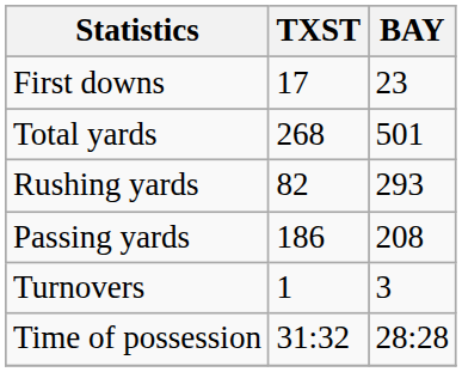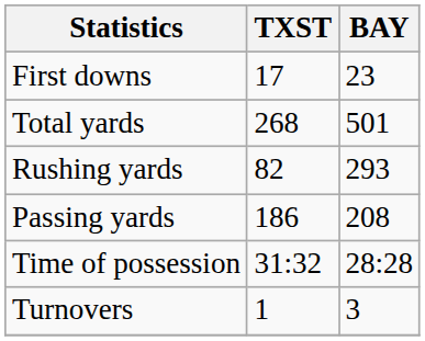 <table class="wikitable">
 <tr>
 <th>Statistics</th>
 <th>TXST</th>
 <th>BAY</th>
 </tr>
 <tr>
 <td>First downs</td>
 <td>17</td>
 <td>23</td>
 </tr>
 <tr>
 <td>Total yards</td>
 <td>268</td>
 <td>501</td>
 </tr>
 <tr>
 <td>Rushing yards</td>
 <td>82</td>
 <td>293</td>
 </tr>
 <tr>
 <td>Passing yards</td>
 <td>186</td>
 <td>208</td>
 </tr>
 <tr>
+<td>Time of possession</td>
+<td>31:32</td>
+<td>28:28</td>
+</tr>
+<tr>
 <td>Turnovers</td>
 <td>1</td>
 <td>3</td>
 </tr>
 <tr>
-<td>Time of possession</td>
-<td>31:32</td>
-<td>28:28</td>
-</tr>
-<tr>
 </tr>
 </table>
